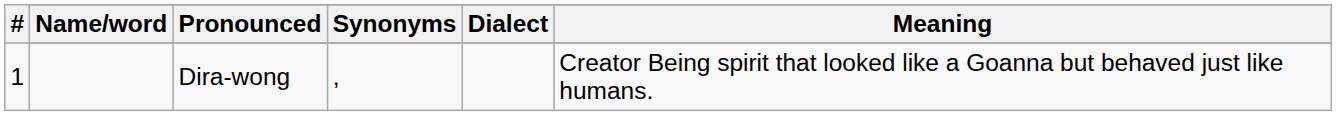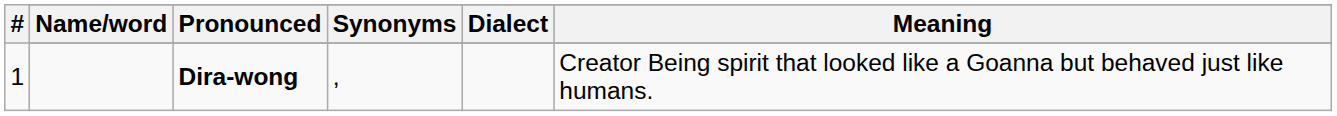 <table class="wikitable">
 <tr>
 <th rowspan="2" align="center">#</th>
 </tr>
 <tr>
 <th>Name/word </th>
 <th>Pronounced</th>
 <th>Synonyms</th>
 <th>Dialect</th>
 <th>Meaning</th>
 </tr>
 <tr>
 <td rowspan="2" align="center">1</td>
 </tr>
 <tr>
 <td>  </td>
-<td>Dira-wong</td>
+<td><strong>Dira-wong</strong></td>
 <td>, </td>
 <td></td>
 <td>Creator Being spirit that looked like a Goanna but behaved just like humans.</td>
 </tr>
 </table>
